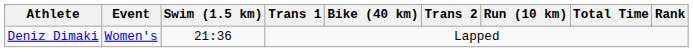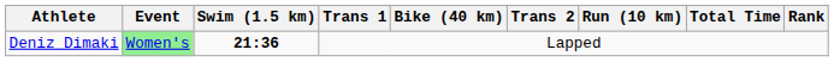 <table class="wikitable" style="font-size:90%">
 <tr>
 <th>Athlete</th>
 <th>Event</th>
 <th>Swim (1.5 km)</th>
 <th>Trans 1</th>
 <th>Bike (40 km)</th>
 <th>Trans 2</th>
 <th>Run (10 km)</th>
 <th>Total Time</th>
 <th>Rank</th>
 </tr>
 <tr align=center>
 <td align=left><a href='#'>Deniz Dimaki</a></td>
-<td align=left><a href='#'>Women's</a></td>
-<td>21:36</td>
+<td align=left style="background: lightgreen;"><a href='#'>Women's</a></td>
+<td><strong>21:36</strong></td>
 <td colspan=7>Lapped</td>
 </tr>
 </table>
